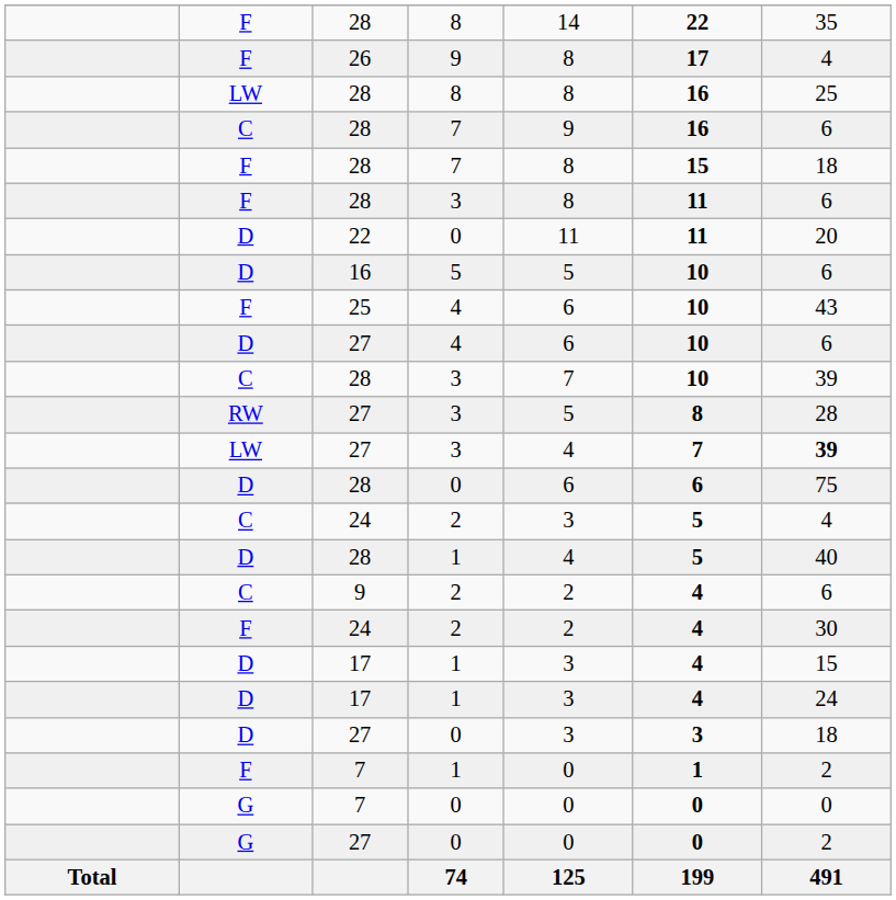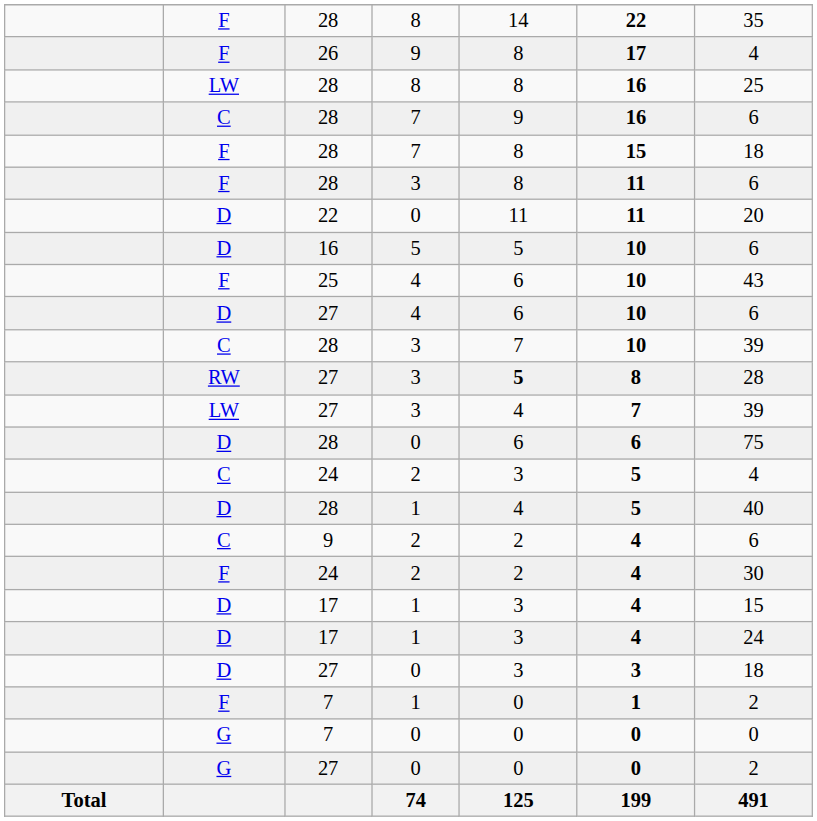 <table class="wikitable sortable" width ="50%">
 <tr align="center">
 </tr>
 <tr align="center" bgcolor="">
 <td></td>
 <td><a href='#'>F</a></td>
 <td>28</td>
 <td>8</td>
 <td>14</td>
 <td><strong>22</strong></td>
 <td>35</td>
 </tr>
 <tr align="center" bgcolor="f0f0f0">
 <td></td>
 <td><a href='#'>F</a></td>
 <td>26</td>
 <td>9</td>
 <td>8</td>
 <td><strong>17</strong></td>
 <td>4</td>
 </tr>
 <tr align="center" bgcolor="">
 <td></td>
 <td><a href='#'>LW</a></td>
 <td>28</td>
 <td>8</td>
 <td>8</td>
 <td><strong>16</strong></td>
 <td>25</td>
 </tr>
 <tr align="center" bgcolor="f0f0f0">
 <td></td>
 <td><a href='#'>C</a></td>
 <td>28</td>
 <td>7</td>
 <td>9</td>
 <td><strong>16</strong></td>
 <td>6</td>
 </tr>
 <tr align="center" bgcolor="">
 <td></td>
 <td><a href='#'>F</a></td>
 <td>28</td>
 <td>7</td>
 <td>8</td>
 <td><strong>15</strong></td>
 <td>18</td>
 </tr>
 <tr align="center" bgcolor="f0f0f0">
 <td></td>
 <td><a href='#'>F</a></td>
 <td>28</td>
 <td>3</td>
 <td>8</td>
 <td><strong>11</strong></td>
 <td>6</td>
 </tr>
 <tr align="center" bgcolor="">
 <td></td>
 <td><a href='#'>D</a></td>
 <td>22</td>
 <td>0</td>
 <td>11</td>
 <td><strong>11</strong></td>
 <td>20</td>
 </tr>
 <tr align="center" bgcolor="f0f0f0">
 <td></td>
 <td><a href='#'>D</a></td>
 <td>16</td>
 <td>5</td>
 <td>5</td>
 <td><strong>10</strong></td>
 <td>6</td>
 </tr>
 <tr align="center" bgcolor="">
 <td></td>
 <td><a href='#'>F</a></td>
 <td>25</td>
 <td>4</td>
 <td>6</td>
 <td><strong>10</strong></td>
 <td>43</td>
 </tr>
 <tr align="center" bgcolor="f0f0f0">
 <td></td>
 <td><a href='#'>D</a></td>
 <td>27</td>
 <td>4</td>
 <td>6</td>
 <td><strong>10</strong></td>
 <td>6</td>
 </tr>
 <tr align="center" bgcolor="">
 <td></td>
 <td><a href='#'>C</a></td>
 <td>28</td>
 <td>3</td>
 <td>7</td>
 <td><strong>10</strong></td>
 <td>39</td>
 </tr>
 <tr align="center" bgcolor="f0f0f0">
 <td></td>
 <td><a href='#'>RW</a></td>
 <td>27</td>
 <td>3</td>
-<td>5</td>
+<td><strong>5</strong></td>
 <td><strong>8</strong></td>
 <td>28</td>
 </tr>
 <tr align="center" bgcolor="">
 <td></td>
 <td><a href='#'>LW</a></td>
 <td>27</td>
 <td>3</td>
 <td>4</td>
 <td><strong>7</strong></td>
-<td><strong>39</strong></td>
+<td>39</td>
 </tr>
 <tr align="center" bgcolor="f0f0f0">
 <td></td>
 <td><a href='#'>D</a></td>
 <td>28</td>
 <td>0</td>
 <td>6</td>
 <td><strong>6</strong></td>
 <td>75</td>
 </tr>
 <tr align="center" bgcolor="">
 <td></td>
 <td><a href='#'>C</a></td>
 <td>24</td>
 <td>2</td>
 <td>3</td>
 <td><strong>5</strong></td>
 <td>4</td>
 </tr>
 <tr align="center" bgcolor="f0f0f0">
 <td></td>
 <td><a href='#'>D</a></td>
 <td>28</td>
 <td>1</td>
 <td>4</td>
 <td><strong>5</strong></td>
 <td>40</td>
 </tr>
 <tr align="center" bgcolor="">
 <td></td>
 <td><a href='#'>C</a></td>
 <td>9</td>
 <td>2</td>
 <td>2</td>
 <td><strong>4</strong></td>
 <td>6</td>
 </tr>
 <tr align="center" bgcolor="f0f0f0">
 <td></td>
 <td><a href='#'>F</a></td>
 <td>24</td>
 <td>2</td>
 <td>2</td>
 <td><strong>4</strong></td>
 <td>30</td>
 </tr>
 <tr align="center" bgcolor="">
 <td></td>
 <td><a href='#'>D</a></td>
 <td>17</td>
 <td>1</td>
 <td>3</td>
 <td><strong>4</strong></td>
 <td>15</td>
 </tr>
 <tr align="center" bgcolor="f0f0f0">
 <td></td>
 <td><a href='#'>D</a></td>
 <td>17</td>
 <td>1</td>
 <td>3</td>
 <td><strong>4</strong></td>
 <td>24</td>
 </tr>
 <tr align="center" bgcolor="">
 <td></td>
 <td><a href='#'>D</a></td>
 <td>27</td>
 <td>0</td>
 <td>3</td>
 <td><strong>3</strong></td>
 <td>18</td>
 </tr>
 <tr align="center" bgcolor="f0f0f0">
 <td></td>
 <td><a href='#'>F</a></td>
 <td>7</td>
 <td>1</td>
 <td>0</td>
 <td><strong>1</strong></td>
 <td>2</td>
 </tr>
 <tr align="center" bgcolor="">
 <td></td>
 <td><a href='#'>G</a></td>
 <td>7</td>
 <td>0</td>
 <td>0</td>
 <td><strong>0</strong></td>
 <td>0</td>
 </tr>
 <tr align="center" bgcolor="f0f0f0">
 <td></td>
 <td><a href='#'>G</a></td>
 <td>27</td>
 <td>0</td>
 <td>0</td>
 <td><strong>0</strong></td>
 <td>2</td>
 </tr>
 <tr>
 <th>Total</th>
 <th></th>
 <th></th>
 <th>74</th>
 <th>125</th>
 <th>199</th>
 <th>491</th>
 </tr>
 </table>
